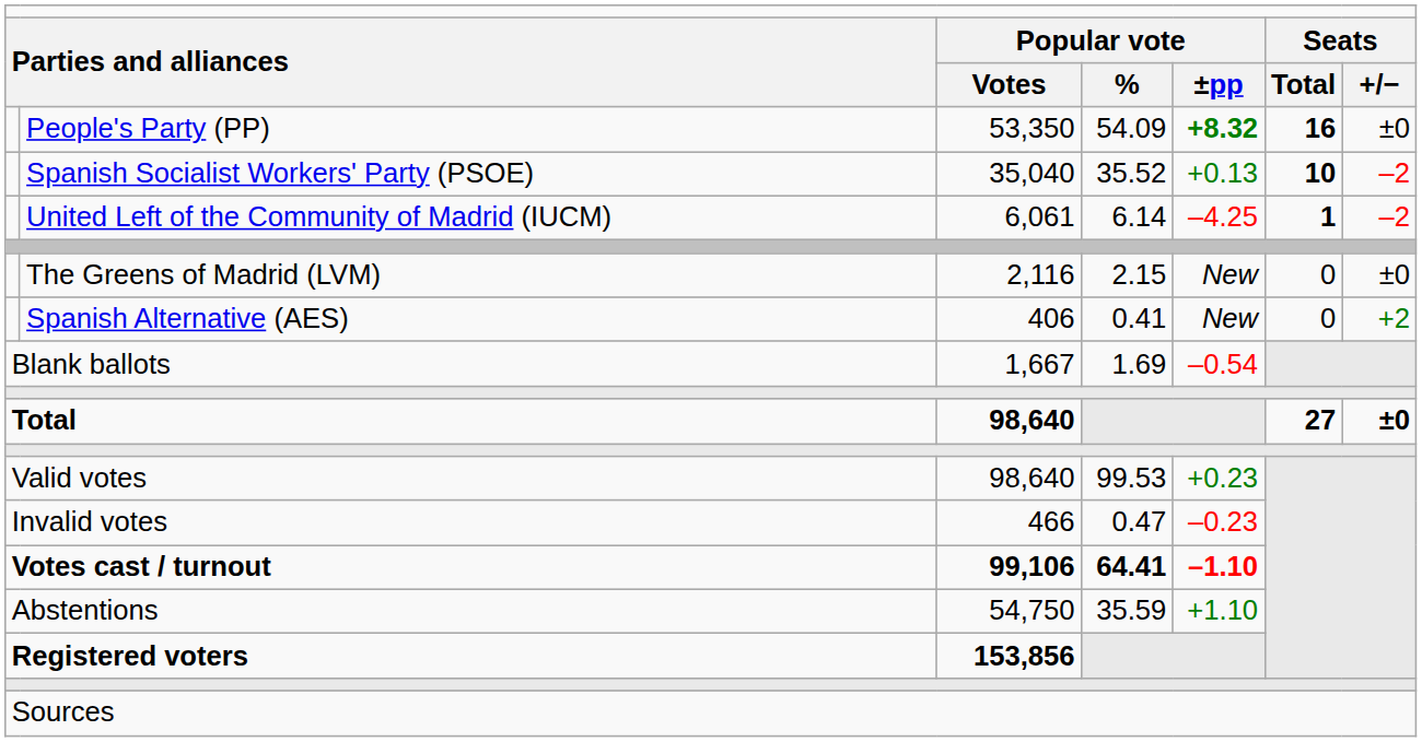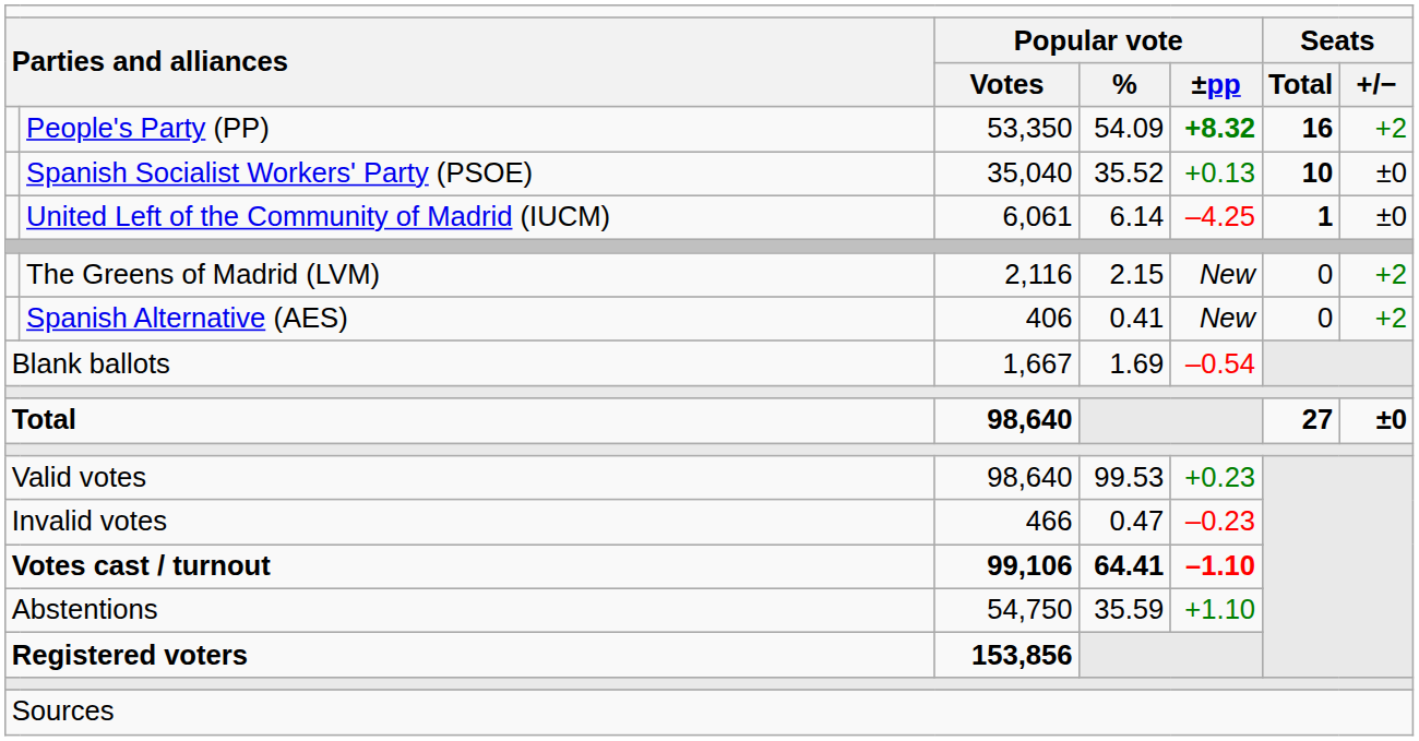 <table class="wikitable" style="text-align:right;">
 <tr>
 <td colspan="7"></td>
 </tr>
 <tr>
 <th style="text-align:left;" rowspan="2" colspan="2" width="525">Parties and alliances</th>
 <th colspan="3">Popular vote</th>
 <th colspan="2">Seats</th>
 </tr>
 <tr>
 <th width="75">Votes</th>
 <th width="45">%</th>
 <th width="45">±<a href='#'>pp</a></th>
 <th width="35">Total</th>
 <th width="35">+/−</th>
 </tr>
 <tr>
 <td width="1" style="color:inherit;background:"></td>
 <td align="left"><a href='#'>People's Party</a> (PP)</td>
 <td>53,350</td>
 <td>54.09</td>
 <td style="color:green;"><strong>+8.32</strong></td>
 <td><strong>16</strong></td>
-<td>±0</td>
+<td style="color:green;">+2</td>
 </tr>
 <tr>
 <td style="color:inherit;background:"></td>
 <td align="left"><a href='#'>Spanish Socialist Workers' Party</a> (PSOE)</td>
 <td>35,040</td>
 <td>35.52</td>
 <td style="color:green;">+0.13</td>
 <td><strong>10</strong></td>
-<td style="color:red;">–2</td>
+<td>±0</td>
 </tr>
 <tr>
 <td style="color:inherit;background:"></td>
 <td align="left"><a href='#'>United Left of the Community of Madrid</a> (IUCM)</td>
 <td>6,061</td>
 <td>6.14</td>
 <td style="color:red;">–4.25</td>
 <td><strong>1</strong></td>
-<td style="color:red;">–2</td>
+<td>±0</td>
 </tr>
 <tr>
 <td colspan="7" bgcolor="#C0C0C0"></td>
 </tr>
 <tr>
 <td style="color:inherit;background:"></td>
 <td align="left">The Greens of Madrid (LVM)</td>
 <td>2,116</td>
 <td>2.15</td>
 <td><em>New</em></td>
 <td>0</td>
-<td>±0</td>
+<td style="color:green;">+2</td>
 </tr>
 <tr>
 <td style="color:inherit;background:"></td>
 <td align="left"><a href='#'>Spanish Alternative</a> (AES)</td>
 <td>406</td>
 <td>0.41</td>
 <td><em>New</em></td>
 <td>0</td>
 <td style="color:green;">+2</td>
 </tr>
 <tr>
 <td align="left" colspan="2">Blank ballots</td>
 <td>1,667</td>
 <td>1.69</td>
 <td style="color:red;">–0.54</td>
 <td bgcolor="#E9E9E9" colspan="2"></td>
 </tr>
 <tr>
 <td colspan="7" bgcolor="#E9E9E9"></td>
 </tr>
 <tr style="font-weight:bold;">
 <td align="left" colspan="2">Total</td>
 <td>98,640</td>
 <td bgcolor="#E9E9E9" colspan="2"></td>
 <td>27</td>
 <td>±0</td>
 </tr>
 <tr>
 <td colspan="7" bgcolor="#E9E9E9"></td>
 </tr>
 <tr>
 <td align="left" colspan="2">Valid votes</td>
 <td>98,640</td>
 <td>99.53</td>
 <td style="color:green;">+0.23</td>
 <td bgcolor="#E9E9E9" colspan="2" rowspan="5"></td>
 </tr>
 <tr>
 <td align="left" colspan="2">Invalid votes</td>
 <td>466</td>
 <td>0.47</td>
 <td style="color:red;">–0.23</td>
 </tr>
 <tr style="font-weight:bold;">
 <td align="left" colspan="2">Votes cast / turnout</td>
 <td>99,106</td>
 <td>64.41</td>
 <td style="color:red;">–1.10</td>
 </tr>
 <tr>
 <td align="left" colspan="2">Abstentions</td>
 <td>54,750</td>
 <td>35.59</td>
 <td style="color:green;">+1.10</td>
 </tr>
 <tr style="font-weight:bold;">
 <td align="left" colspan="2">Registered voters</td>
 <td>153,856</td>
 <td bgcolor="#E9E9E9" colspan="2"></td>
 </tr>
 <tr>
 <td colspan="7" bgcolor="#E9E9E9"></td>
 </tr>
 <tr>
 <td align="left" colspan="7">Sources</td>
 </tr>
 </table>
